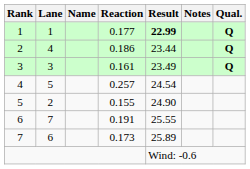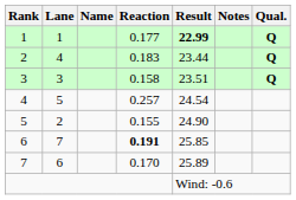 <table class="wikitable sortable" style="text-align:center">
 <tr>
 <th>Rank</th>
 <th>Lane</th>
 <th>Name</th>
 <th>Reaction</th>
 <th>Result</th>
 <th>Notes</th>
 <th>Qual.</th>
 </tr>
 <tr bgcolor=ccffcc>
 <td>1</td>
 <td>1</td>
 <td align="left"></td>
 <td>0.177</td>
 <td><strong>22.99</strong></td>
 <td></td>
 <td><strong>Q</strong></td>
 </tr>
 <tr bgcolor=ccffcc>
 <td>2</td>
 <td>4</td>
 <td align="left"></td>
-<td>0.186</td>
+<td>0.183</td>
 <td>23.44</td>
 <td></td>
 <td><strong>Q</strong></td>
 </tr>
 <tr bgcolor=ccffcc>
 <td>3</td>
 <td>3</td>
 <td align="left"></td>
-<td>0.161</td>
-<td>23.49</td>
+<td>0.158</td>
+<td>23.51</td>
 <td></td>
 <td><strong>Q</strong></td>
 </tr>
 <tr>
 <td>4</td>
 <td>5</td>
 <td align="left"></td>
 <td>0.257</td>
 <td>24.54</td>
 <td></td>
 <td></td>
 </tr>
 <tr>
 <td>5</td>
 <td>2</td>
 <td align="left"></td>
 <td>0.155</td>
 <td>24.90</td>
 <td></td>
 <td></td>
 </tr>
 <tr>
 <td>6</td>
 <td>7</td>
 <td align="left"></td>
-<td>0.191</td>
-<td>25.55</td>
+<td><strong>0.191</strong></td>
+<td>25.85</td>
 <td></td>
 <td></td>
 </tr>
 <tr>
 <td>7</td>
 <td>6</td>
 <td align="left"></td>
-<td>0.173</td>
+<td>0.170</td>
 <td>25.89</td>
 <td></td>
 <td></td>
 </tr>
 <tr class="sortbottom">
 <td colspan=4></td>
 <td colspan="3" style="text-align:left;">Wind: -0.6</td>
 </tr>
 </table>
